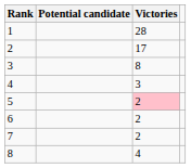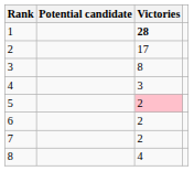 <table class="wikitable sortable">
 <tr>
 <th>Rank</th>
 <th>Potential candidate</th>
 <th>Victories</th>
 </tr>
 <tr>
 <td>1</td>
 <td></td>
-<td>28</td>
+<td><strong>28</strong></td>
 <td></td>
 </tr>
 <tr>
 <td>2</td>
 <td></td>
 <td>17</td>
 <td></td>
 </tr>
 <tr>
 <td>3</td>
 <td></td>
 <td>8</td>
 <td></td>
 </tr>
 <tr>
 <td>4</td>
 <td></td>
 <td>3</td>
 <td></td>
 </tr>
 <tr>
 <td>5</td>
 <td></td>
 <td style="background: pink;">2</td>
 <td></td>
 </tr>
 <tr>
 <td>6</td>
 <td></td>
 <td>2</td>
 <td></td>
 </tr>
 <tr>
 <td>7</td>
 <td></td>
 <td>2</td>
 <td></td>
 </tr>
 <tr>
 <td>8</td>
 <td></td>
 <td>4</td>
 <td></td>
 </tr>
 </table>
